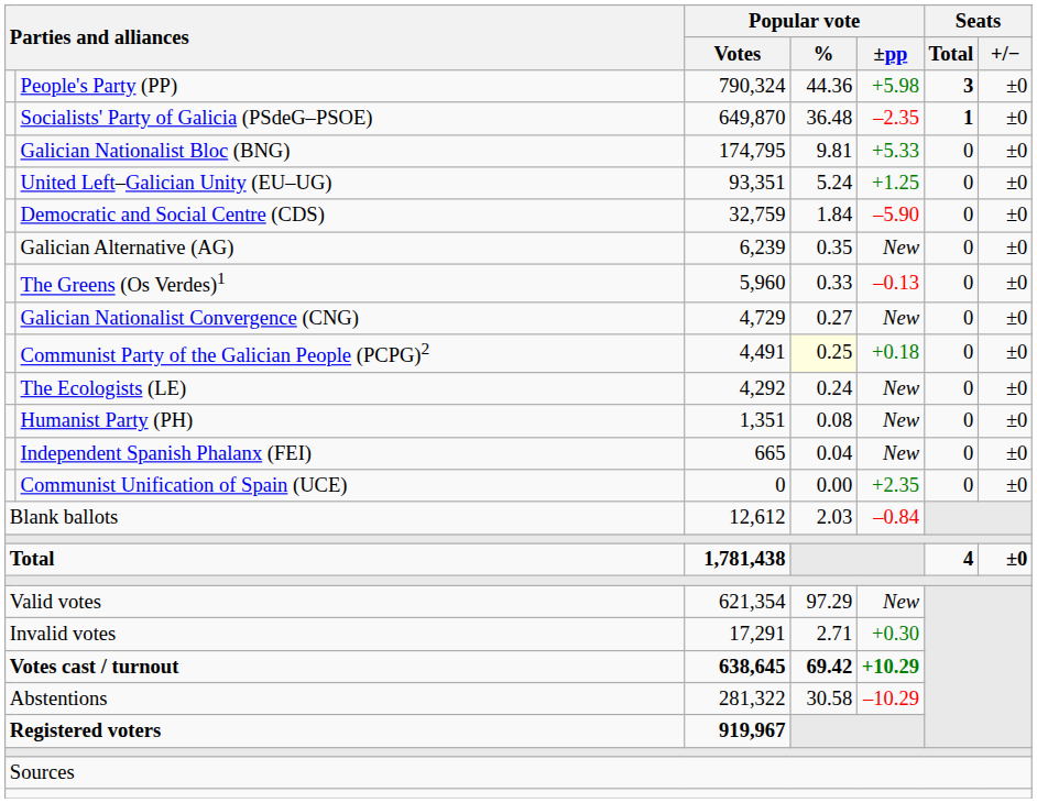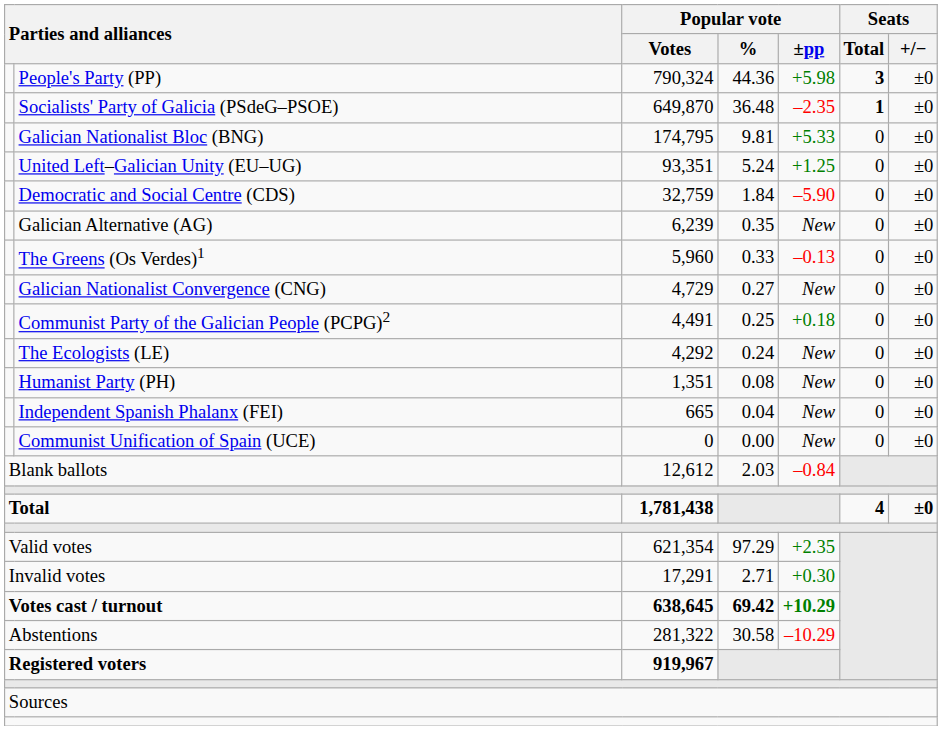 <table class="wikitable" style="text-align:right;">
 <tr>
 <th style="text-align:left;" rowspan="2" colspan="2" width="525">Parties and alliances</th>
 <th colspan="3">Popular vote</th>
 <th colspan="2">Seats</th>
 </tr>
 <tr>
 <th width="75">Votes</th>
 <th width="45">%</th>
 <th width="45">±<a href='#'>pp</a></th>
 <th width="35">Total</th>
 <th width="35">+/−</th>
 </tr>
 <tr>
 <td width="1" style="color:inherit;background:"></td>
 <td align="left"><a href='#'>People's Party</a> (PP)</td>
 <td>790,324</td>
 <td>44.36</td>
 <td style="color:green;">+5.98</td>
 <td><strong>3</strong></td>
 <td>±0</td>
 </tr>
 <tr>
 <td style="color:inherit;background:"></td>
 <td align="left"><a href='#'>Socialists' Party of Galicia</a> (PSdeG–PSOE)</td>
 <td>649,870</td>
 <td>36.48</td>
 <td style="color:red;">–2.35</td>
 <td><strong>1</strong></td>
 <td>±0</td>
 </tr>
 <tr>
 <td style="color:inherit;background:"></td>
 <td align="left"><a href='#'>Galician Nationalist Bloc</a> (BNG)</td>
 <td>174,795</td>
 <td>9.81</td>
 <td style="color:green;">+5.33</td>
 <td>0</td>
 <td>±0</td>
 </tr>
 <tr>
 <td style="color:inherit;background:"></td>
 <td align="left"><a href='#'>United Left</a>–<a href='#'>Galician Unity</a> (EU–UG)</td>
 <td>93,351</td>
 <td>5.24</td>
 <td style="color:green;">+1.25</td>
 <td>0</td>
 <td>±0</td>
 </tr>
 <tr>
 <td style="color:inherit;background:"></td>
 <td align="left"><a href='#'>Democratic and Social Centre</a> (CDS)</td>
 <td>32,759</td>
 <td>1.84</td>
 <td style="color:red;">–5.90</td>
 <td>0</td>
 <td>±0</td>
 </tr>
 <tr>
 <td style="color:inherit;background:"></td>
 <td align="left">Galician Alternative (AG)</td>
 <td>6,239</td>
 <td>0.35</td>
 <td><em>New</em></td>
 <td>0</td>
 <td>±0</td>
 </tr>
 <tr>
 <td style="color:inherit;background:"></td>
 <td align="left"><a href='#'>The Greens</a> (Os Verdes)<sup>1</sup></td>
 <td>5,960</td>
 <td>0.33</td>
 <td style="color:red;">–0.13</td>
 <td>0</td>
 <td>±0</td>
 </tr>
 <tr>
 <td style="color:inherit;background:"></td>
 <td align="left"><a href='#'>Galician Nationalist Convergence</a> (CNG)</td>
 <td>4,729</td>
 <td>0.27</td>
 <td><em>New</em></td>
 <td>0</td>
 <td>±0</td>
 </tr>
 <tr>
 <td style="color:inherit;background:"></td>
 <td align="left"><a href='#'>Communist Party of the Galician People</a> (PCPG)<sup>2</sup></td>
 <td>4,491</td>
-<td style="background: lightyellow;">0.25</td>
+<td>0.25</td>
 <td style="color:green;">+0.18</td>
 <td>0</td>
 <td>±0</td>
 </tr>
 <tr>
 <td style="color:inherit;background:"></td>
 <td align="left"><a href='#'>The Ecologists</a> (LE)</td>
 <td>4,292</td>
 <td>0.24</td>
 <td><em>New</em></td>
 <td>0</td>
 <td>±0</td>
 </tr>
 <tr>
 <td style="color:inherit;background:"></td>
 <td align="left"><a href='#'>Humanist Party</a> (PH)</td>
 <td>1,351</td>
 <td>0.08</td>
 <td><em>New</em></td>
 <td>0</td>
 <td>±0</td>
 </tr>
 <tr>
 <td style="color:inherit;background:"></td>
 <td align="left"><a href='#'>Independent Spanish Phalanx</a> (FEI)</td>
 <td>665</td>
 <td>0.04</td>
 <td><em>New</em></td>
 <td>0</td>
 <td>±0</td>
 </tr>
 <tr>
 <td style="color:inherit;background:"></td>
 <td align="left"><a href='#'>Communist Unification of Spain</a> (UCE)</td>
 <td>0</td>
 <td>0.00</td>
-<td style="color:green;">+2.35</td>
+<td><em>New</em></td>
 <td>0</td>
 <td>±0</td>
 </tr>
 <tr>
 <td align="left" colspan="2">Blank ballots</td>
 <td>12,612</td>
 <td>2.03</td>
 <td style="color:red;">–0.84</td>
 <td bgcolor="#E9E9E9" colspan="2"></td>
 </tr>
 <tr>
 <td colspan="7" bgcolor="#E9E9E9"></td>
 </tr>
 <tr style="font-weight:bold;">
 <td align="left" colspan="2">Total</td>
 <td>1,781,438</td>
 <td bgcolor="#E9E9E9" colspan="2"></td>
 <td>4</td>
 <td>±0</td>
 </tr>
 <tr>
 <td colspan="7" bgcolor="#E9E9E9"></td>
 </tr>
 <tr>
 <td align="left" colspan="2">Valid votes</td>
 <td>621,354</td>
 <td>97.29</td>
-<td><em>New</em></td>
+<td style="color:green;">+2.35</td>
 <td bgcolor="#E9E9E9" colspan="2" rowspan="5"></td>
 </tr>
 <tr>
 <td align="left" colspan="2">Invalid votes</td>
 <td>17,291</td>
 <td>2.71</td>
 <td style="color:green;">+0.30</td>
 </tr>
 <tr style="font-weight:bold;">
 <td align="left" colspan="2">Votes cast / turnout</td>
 <td>638,645</td>
 <td>69.42</td>
 <td style="color:green;">+10.29</td>
 </tr>
 <tr>
 <td align="left" colspan="2">Abstentions</td>
 <td>281,322</td>
 <td>30.58</td>
 <td style="color:red;">–10.29</td>
 </tr>
 <tr style="font-weight:bold;">
 <td align="left" colspan="2">Registered voters</td>
 <td>919,967</td>
 <td bgcolor="#E9E9E9" colspan="2"></td>
 </tr>
 <tr>
 <td colspan="7" bgcolor="#E9E9E9"></td>
 </tr>
 <tr>
 <td align="left" colspan="7">Sources</td>
 </tr>
 <tr>
 <td colspan="7" style="text-align:left; max-width:790px;"></td>
 </tr>
 </table>
